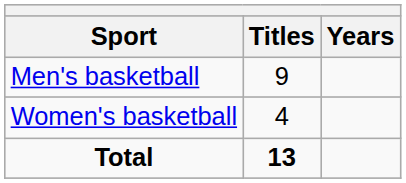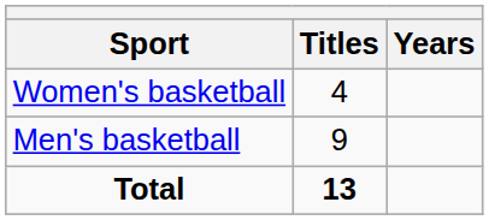 <table class="wikitable">
 <tr>
 <th colspan=3></th>
 </tr>
 <tr>
 <th>Sport</th>
 <th>Titles</th>
 <th>Years</th>
 </tr>
 <tr>
-<td><a href='#'>Men's basketball</a></td>
-<td style="text-align:center;">9</td>
+<td><a href='#'>Women's basketball</a></td>
+<td style="text-align:center;">4</td>
 <td></td>
 </tr>
 <tr>
-<td><a href='#'>Women's basketball</a></td>
-<td style="text-align:center;">4</td>
+<td><a href='#'>Men's basketball</a></td>
+<td style="text-align:center;">9</td>
 <td></td>
 </tr>
 <tr>
 <td style="text-align:center;"><strong>Total</strong></td>
 <td style="text-align:center;"><strong>13 </strong></td>
 <td></td>
 </tr>
 </table>
